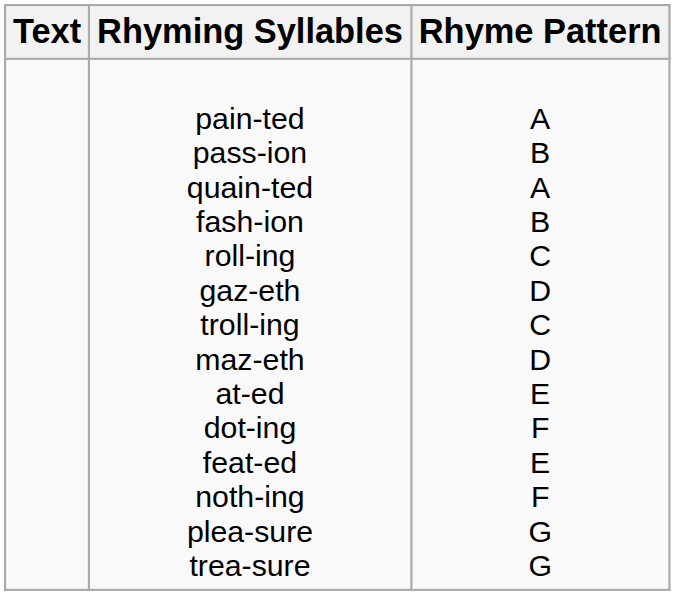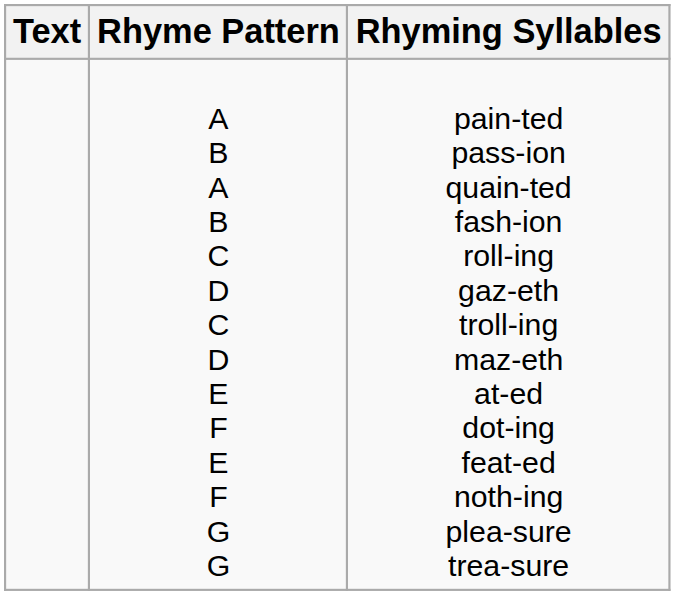 <table class="wikitable">
 <tr>
 <th>Text</th>
+<th>Rhyme Pattern</th>
 <th>Rhyming Syllables</th>
-<th>Rhyme Pattern</th>
 </tr>
 <tr style="text-align:center; font-size:88%">
 <td><br></td>
+<td><br>A<br> B<br> A<br> B<br> C<br> D<br> C<br> D<br> E<br> F<br> E<br> F<br> G<br> G</td>
 <td><br>pain-ted<br> pass-ion<br> quain-ted<br> fash-ion<br> roll-ing<br> gaz-eth<br> troll-ing<br> maz-eth<br> at-ed<br> dot-ing<br> feat-ed<br> noth-ing<br> plea-sure<br> trea-sure</td>
-<td><br>A<br> B<br> A<br> B<br> C<br> D<br> C<br> D<br> E<br> F<br> E<br> F<br> G<br> G</td>
 </tr>
 </table>
